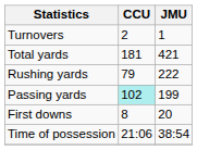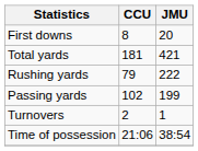 <table class="wikitable" style="float: left;">
 <tr>
 <th>Statistics</th>
 <th>CCU</th>
 <th>JMU</th>
 </tr>
 <tr>
-<td>Turnovers</td>
-<td>2</td>
-<td>1</td>
+<td>First downs</td>
+<td>8</td>
+<td>20</td>
 </tr>
 <tr>
 <td>Total yards</td>
 <td>181</td>
 <td>421</td>
 </tr>
 <tr>
 <td>Rushing yards</td>
 <td>79</td>
 <td>222</td>
 </tr>
 <tr>
 <td>Passing yards</td>
-<td style="background: paleturquoise;">102</td>
+<td>102</td>
 <td>199</td>
 </tr>
 <tr>
-<td>First downs</td>
-<td>8</td>
-<td>20</td>
+<td>Turnovers</td>
+<td>2</td>
+<td>1</td>
 </tr>
 <tr>
 <td>Time of possession</td>
 <td>21:06</td>
 <td>38:54</td>
 </tr>
 <tr>
 </tr>
 </table>
